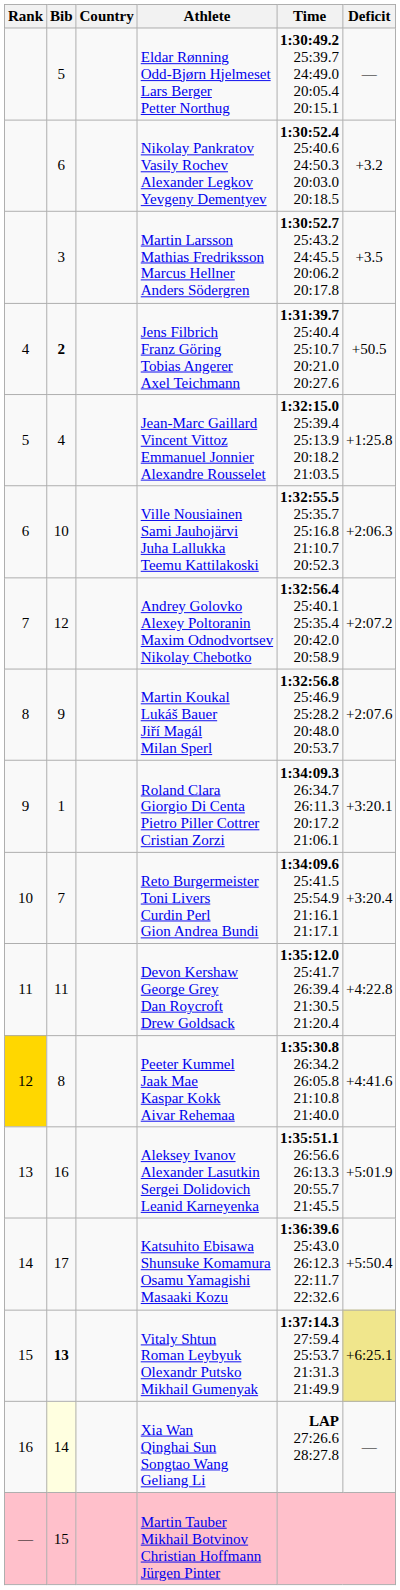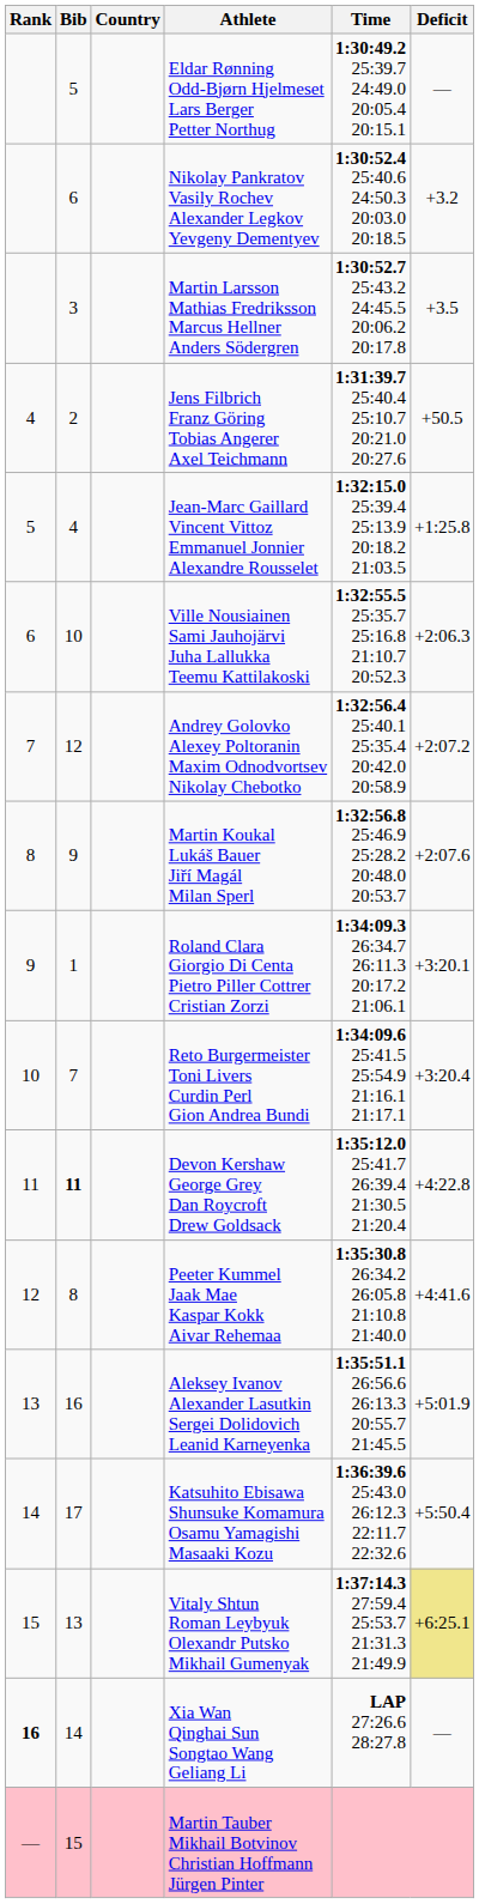 <table class="wikitable sortable" style="text-align:center">
 <tr>
 <th>Rank</th>
 <th>Bib</th>
 <th>Country</th>
 <th>Athlete</th>
 <th>Time</th>
 <th>Deficit</th>
 </tr>
 <tr>
 <td></td>
 <td>5</td>
 <td align="left"></td>
 <td align="left"><br><a href='#'>Eldar Rønning</a><br><a href='#'>Odd-Bjørn Hjelmeset</a><br><a href='#'>Lars Berger</a><br><a href='#'>Petter Northug</a></td>
 <td align="right"><strong>1:30:49.2</strong><br>25:39.7<br>24:49.0<br>20:05.4<br>20:15.1</td>
 <td>—</td>
 </tr>
 <tr>
 <td></td>
 <td>6</td>
 <td align="left"></td>
 <td align="left"><br><a href='#'>Nikolay Pankratov</a><br><a href='#'>Vasily Rochev</a><br><a href='#'>Alexander Legkov</a><br><a href='#'>Yevgeny Dementyev</a></td>
 <td align="right"><strong>1:30:52.4</strong><br>25:40.6<br>24:50.3<br>20:03.0 <br>20:18.5</td>
 <td>+3.2</td>
 </tr>
 <tr>
 <td></td>
 <td>3</td>
 <td align="left"></td>
 <td align="left"><br><a href='#'>Martin Larsson</a><br><a href='#'>Mathias Fredriksson</a><br><a href='#'>Marcus Hellner</a><br><a href='#'>Anders Södergren</a></td>
 <td align="right"><strong>1:30:52.7</strong><br>25:43.2<br>24:45.5<br>20:06.2<br>20:17.8</td>
 <td>+3.5</td>
 </tr>
 <tr>
 <td>4</td>
-<td><strong>2</strong></td>
+<td>2</td>
 <td align="left"></td>
 <td align="left"><br><a href='#'>Jens Filbrich</a><br><a href='#'>Franz Göring</a><br><a href='#'>Tobias Angerer</a><br><a href='#'>Axel Teichmann</a></td>
 <td align="right"><strong>1:31:39.7</strong><br>25:40.4<br>25:10.7<br>20:21.0<br>20:27.6</td>
 <td>+50.5</td>
 </tr>
 <tr>
 <td>5</td>
 <td>4</td>
 <td align="left"></td>
 <td align="left"><br> <a href='#'>Jean-Marc Gaillard</a><br><a href='#'>Vincent Vittoz</a><br><a href='#'>Emmanuel Jonnier</a><br><a href='#'>Alexandre Rousselet</a></td>
 <td align="right"><strong>1:32:15.0</strong><br>25:39.4<br>25:13.9<br>20:18.2<br>21:03.5</td>
 <td>+1:25.8</td>
 </tr>
 <tr>
 <td>6</td>
 <td>10</td>
 <td align="left"></td>
 <td align="left"><br><a href='#'>Ville Nousiainen</a><br><a href='#'>Sami Jauhojärvi</a><br><a href='#'>Juha Lallukka</a><br><a href='#'>Teemu Kattilakoski</a></td>
 <td align="right"><strong>1:32:55.5</strong><br>25:35.7<br>25:16.8<br>21:10.7<br>20:52.3</td>
 <td>+2:06.3</td>
 </tr>
 <tr>
 <td>7</td>
 <td>12</td>
 <td align="left"></td>
 <td align="left"><br><a href='#'>Andrey Golovko</a><br><a href='#'>Alexey Poltoranin</a><br><a href='#'>Maxim Odnodvortsev</a><br><a href='#'>Nikolay Chebotko</a></td>
 <td align="right"><strong>1:32:56.4</strong><br>25:40.1 <br>25:35.4<br>20:42.0<br>20:58.9</td>
 <td>+2:07.2</td>
 </tr>
 <tr>
 <td>8</td>
 <td>9</td>
 <td align="left"></td>
 <td align="left"><br><a href='#'>Martin Koukal</a><br><a href='#'>Lukáš Bauer</a><br><a href='#'>Jiří Magál</a><br><a href='#'>Milan Sperl</a></td>
 <td align="right"><strong>1:32:56.8</strong><br>25:46.9<br>25:28.2<br>20:48.0<br>20:53.7</td>
 <td>+2:07.6</td>
 </tr>
 <tr>
 <td>9</td>
 <td>1</td>
 <td align="left"></td>
 <td align="left"><br><a href='#'>Roland Clara</a><br><a href='#'>Giorgio Di Centa</a><br><a href='#'>Pietro Piller Cottrer</a><br><a href='#'>Cristian Zorzi</a></td>
 <td align="right"><strong>1:34:09.3</strong><br>26:34.7<br>26:11.3<br>20:17.2<br>21:06.1</td>
 <td>+3:20.1</td>
 </tr>
 <tr>
 <td>10</td>
 <td>7</td>
 <td align="left"></td>
 <td align="left"><br><a href='#'>Reto Burgermeister</a><br> <a href='#'>Toni Livers</a><br><a href='#'>Curdin Perl</a><br><a href='#'>Gion Andrea Bundi</a></td>
 <td align="right"><strong>1:34:09.6</strong><br>25:41.5<br>25:54.9<br>21:16.1<br>21:17.1</td>
 <td>+3:20.4</td>
 </tr>
 <tr>
 <td>11</td>
-<td>11</td>
+<td><strong>11</strong></td>
 <td align="left"></td>
 <td align="left"><br><a href='#'>Devon Kershaw</a><br><a href='#'>George Grey</a><br><a href='#'>Dan Roycroft</a><br><a href='#'>Drew Goldsack</a></td>
 <td align="right"><strong>1:35:12.0</strong> <br>25:41.7<br>26:39.4<br>21:30.5<br>21:20.4</td>
 <td>+4:22.8</td>
 </tr>
 <tr>
-<td style="background: gold;">12</td>
+<td>12</td>
 <td>8</td>
 <td align="left"></td>
 <td align="left"><br><a href='#'>Peeter Kummel</a><br><a href='#'>Jaak Mae</a><br><a href='#'>Kaspar Kokk</a><br><a href='#'>Aivar Rehemaa</a></td>
 <td align="right"><strong>1:35:30.8</strong><br>26:34.2<br>26:05.8<br>21:10.8<br>21:40.0</td>
 <td>+4:41.6</td>
 </tr>
 <tr>
 <td>13</td>
 <td>16</td>
 <td align="left"></td>
 <td align="left"><br><a href='#'>Aleksey Ivanov</a><br><a href='#'>Alexander Lasutkin</a><br><a href='#'>Sergei Dolidovich</a><br><a href='#'>Leanid Karneyenka</a></td>
 <td align="right"><strong>1:35:51.1</strong><br>26:56.6<br>26:13.3<br>20:55.7<br>21:45.5</td>
 <td>+5:01.9</td>
 </tr>
 <tr>
 <td>14</td>
 <td>17</td>
 <td align="left"></td>
 <td align="left"><br><a href='#'>Katsuhito Ebisawa</a><br><a href='#'>Shunsuke Komamura</a><br><a href='#'>Osamu Yamagishi</a><br><a href='#'>Masaaki Kozu</a></td>
 <td align="right"><strong>1:36:39.6</strong><br>25:43.0<br>26:12.3<br>22:11.7<br>22:32.6</td>
 <td>+5:50.4</td>
 </tr>
 <tr>
 <td>15</td>
-<td><strong>13</strong></td>
+<td>13</td>
 <td align="left"></td>
 <td align="left"><br><a href='#'>Vitaly Shtun</a><br><a href='#'>Roman Leybyuk</a><br><a href='#'>Olexandr Putsko</a><br><a href='#'>Mikhail Gumenyak</a></td>
 <td align="right"><strong>1:37:14.3</strong><br>27:59.4<br>25:53.7<br>21:31.3<br>21:49.9</td>
 <td style="background: khaki;">+6:25.1</td>
 </tr>
 <tr>
-<td>16</td>
-<td style="background: lightyellow;">14</td>
+<td><strong>16</strong></td>
+<td>14</td>
 <td align="left"></td>
 <td align="left"><br><a href='#'>Xia Wan</a><br><a href='#'>Qinghai Sun</a><br><a href='#'>Songtao Wang</a><br><a href='#'>Geliang Li</a></td>
 <td align="right"><strong>LAP</strong><br>27:26.6<br>28:27.8<br><br></td>
 <td>—</td>
 </tr>
 <tr bgcolor=pink>
 <td>—</td>
 <td>15</td>
 <td align="left"></td>
 <td align="left"><br><a href='#'>Martin Tauber</a><br><a href='#'>Mikhail Botvinov</a><br><a href='#'>Christian Hoffmann</a><br><a href='#'>Jürgen Pinter</a></td>
 <td colspan="2"></td>
 </tr>
 </table>
